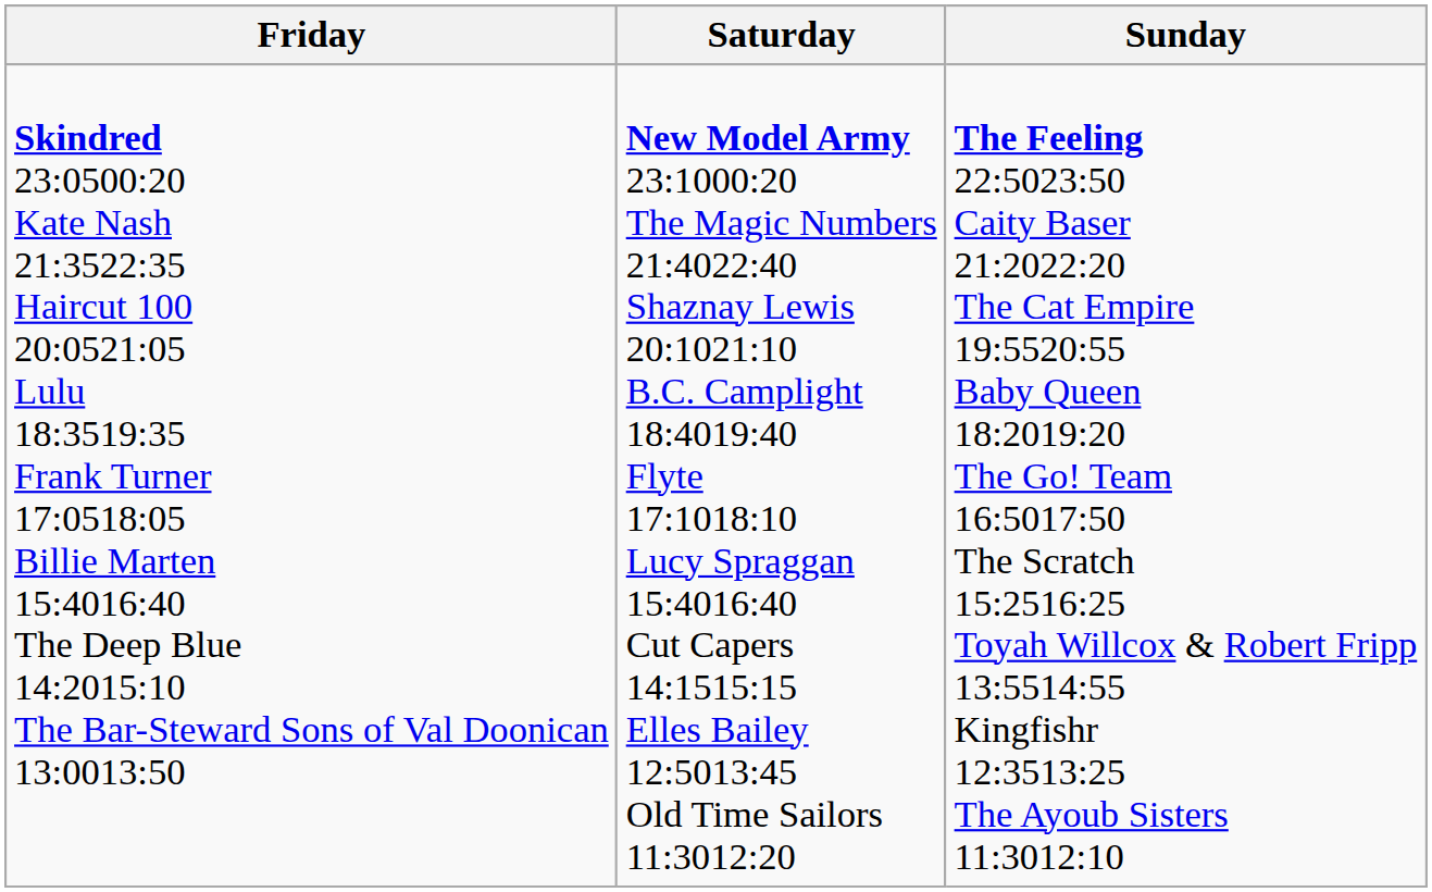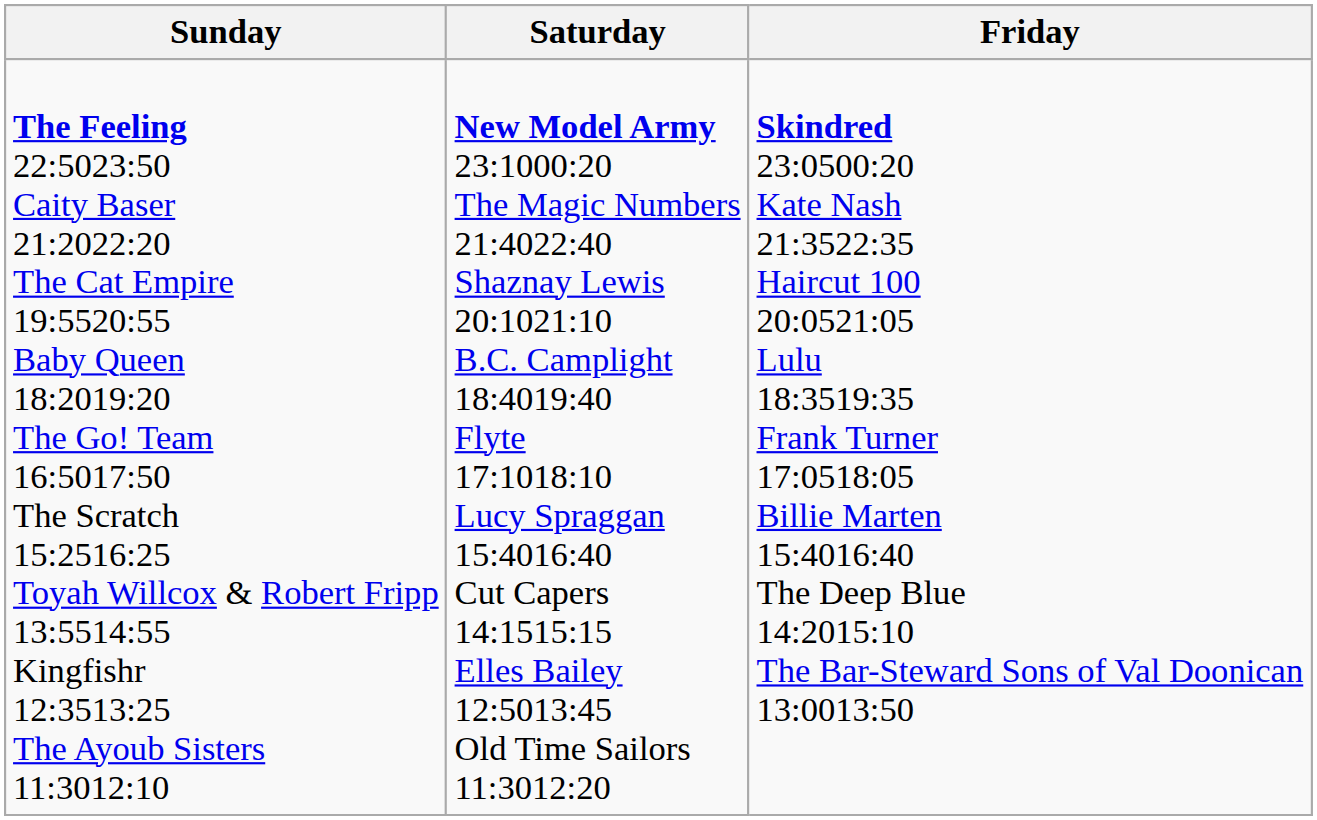 <table class="wikitable">
 <tr>
+<th>Sunday</th>
+<th>Saturday</th>
 <th>Friday</th>
-<th>Saturday</th>
-<th>Sunday</th>
 </tr>
 <tr valign="top">
+<td><br><strong><a href='#'>The Feeling</a></strong><br>22:5023:50<br> <a href='#'>Caity Baser</a><br>21:2022:20<br> <a href='#'>The Cat Empire</a><br>19:5520:55<br> <a href='#'>Baby Queen</a><br>18:2019:20<br> <a href='#'>The Go! Team</a><br>16:5017:50<br> The Scratch<br>15:2516:25<br> <a href='#'>Toyah Willcox</a> & <a href='#'>Robert Fripp</a><br>13:5514:55<br> Kingfishr<br>12:3513:25<br> <a href='#'>The Ayoub Sisters</a><br>11:3012:10</td>
+<td><br><strong><a href='#'>New Model Army</a></strong><br>23:1000:20<br> <a href='#'>The Magic Numbers</a><br>21:4022:40<br> <a href='#'>Shaznay Lewis</a><br>20:1021:10<br> <a href='#'>B.C. Camplight</a><br>18:4019:40<br> <a href='#'>Flyte</a><br>17:1018:10<br> <a href='#'>Lucy Spraggan</a><br>15:4016:40<br> Cut Capers<br>14:1515:15<br> <a href='#'>Elles Bailey</a><br>12:5013:45<br> Old Time Sailors<br>11:3012:20</td>
 <td><br><strong><a href='#'>Skindred</a></strong><br>23:0500:20<br> <a href='#'>Kate Nash</a><br>21:3522:35<br> <a href='#'>Haircut 100</a><br>20:0521:05<br> <a href='#'>Lulu</a><br>18:3519:35<br> <a href='#'>Frank Turner</a><br>17:0518:05<br> <a href='#'>Billie Marten</a><br>15:4016:40<br> The Deep Blue<br>14:2015:10<br> <a href='#'>The Bar-Steward Sons of Val Doonican</a><br>13:0013:50</td>
-<td><br><strong><a href='#'>New Model Army</a></strong><br>23:1000:20<br> <a href='#'>The Magic Numbers</a><br>21:4022:40<br> <a href='#'>Shaznay Lewis</a><br>20:1021:10<br> <a href='#'>B.C. Camplight</a><br>18:4019:40<br> <a href='#'>Flyte</a><br>17:1018:10<br> <a href='#'>Lucy Spraggan</a><br>15:4016:40<br> Cut Capers<br>14:1515:15<br> <a href='#'>Elles Bailey</a><br>12:5013:45<br> Old Time Sailors<br>11:3012:20</td>
-<td><br><strong><a href='#'>The Feeling</a></strong><br>22:5023:50<br> <a href='#'>Caity Baser</a><br>21:2022:20<br> <a href='#'>The Cat Empire</a><br>19:5520:55<br> <a href='#'>Baby Queen</a><br>18:2019:20<br> <a href='#'>The Go! Team</a><br>16:5017:50<br> The Scratch<br>15:2516:25<br> <a href='#'>Toyah Willcox</a> & <a href='#'>Robert Fripp</a><br>13:5514:55<br> Kingfishr<br>12:3513:25<br> <a href='#'>The Ayoub Sisters</a><br>11:3012:10</td>
 </tr>
 </table>
